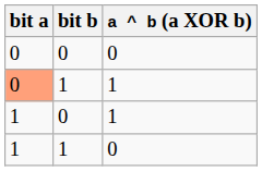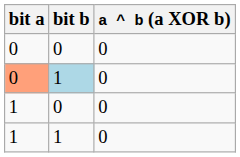 <table class="wikitable">
 <tr>
 <th>bit a</th>
 <th>bit b</th>
 <th><code>a ^ b</code> (a XOR b)</th>
 </tr>
 <tr>
 <td>0</td>
 <td>0</td>
 <td>0</td>
 </tr>
 <tr>
 <td style="background: lightsalmon;">0</td>
-<td>1</td>
-<td>1</td>
+<td style="background: lightblue;">1</td>
+<td>0</td>
 </tr>
 <tr>
 <td>1</td>
 <td>0</td>
-<td>1</td>
+<td>0</td>
 </tr>
 <tr>
 <td>1</td>
 <td>1</td>
 <td>0</td>
 </tr>
 </table>
